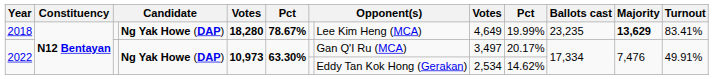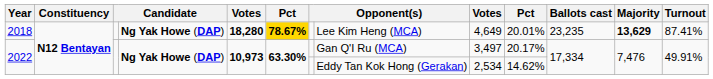 <table class="wikitable" style="margin:0.5em ; font-size:95%">
 <tr>
 <th>Year</th>
 <th>Constituency</th>
 <th colspan=2>Candidate</th>
 <th>Votes</th>
 <th>Pct</th>
 <th colspan=2>Opponent(s)</th>
 <th>Votes</th>
 <th>Pct</th>
 <th>Ballots cast</th>
 <th>Majority</th>
 <th>Turnout</th>
 </tr>
 <tr>
 <td><a href='#'>2018</a></td>
 <td rowspan=3><strong>N12 <a href='#'>Bentayan</a></strong></td>
 <td></td>
 <td><strong>Ng Yak Howe</strong> (<a href='#'><strong>DAP</strong></a>)</td>
 <td align=right><strong>18,280</strong></td>
-<td><strong>78.67%</strong></td>
+<td style="background: gold;"><strong>78.67%</strong></td>
 <td></td>
 <td>Lee Kim Heng (<a href='#'>MCA</a>)</td>
 <td align=right>4,649</td>
-<td>19.99%</td>
+<td>20.01%</td>
 <td>23,235</td>
 <td><strong>13,629</strong></td>
-<td>83.41%</td>
+<td>87.41%</td>
 </tr>
 <tr>
 <td rowspan="2"><a href='#'>2022</a></td>
 <td rowspan="2" ></td>
 <td rowspan="2"><strong>Ng Yak Howe</strong> (<a href='#'><strong>DAP</strong></a>)</td>
 <td rowspan="2" align=right><strong>10,973</strong></td>
 <td rowspan="2"><strong>63.30%</strong></td>
 <td></td>
 <td>Gan Q'I Ru (<a href='#'>MCA</a>)</td>
 <td align=right>3,497</td>
 <td>20.17%</td>
 <td rowspan="2">17,334</td>
 <td rowspan="2">7,476</td>
 <td rowspan="2">49.91%</td>
 </tr>
 <tr>
 <td></td>
 <td>Eddy Tan Kok Hong (<a href='#'>Gerakan</a>)</td>
 <td align=right>2,534</td>
 <td>14.62%</td>
 </tr>
 </table>
